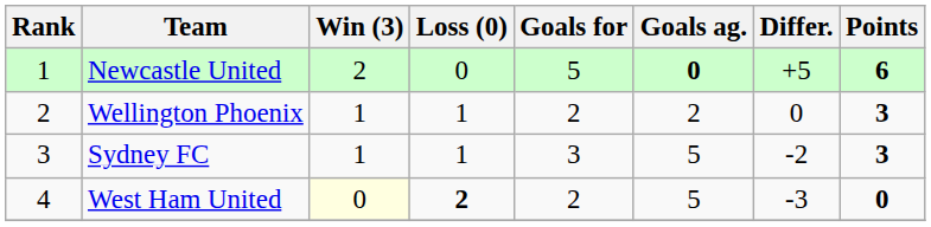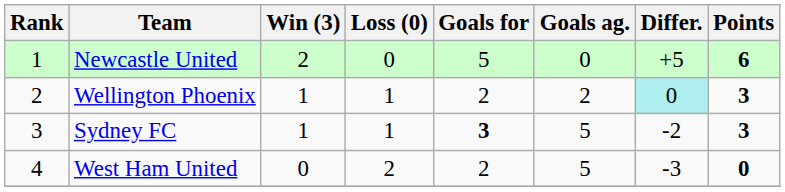 <table class="wikitable" style="text-align: center;">
 <tr>
 <th>Rank</th>
 <th>Team</th>
 <th>Win (3)</th>
 <th>Loss (0)</th>
 <th>Goals for</th>
 <th>Goals ag.</th>
 <th>Differ.</th>
 <th>Points</th>
 </tr>
 <tr bgcolor=#ccffcc>
 <td>1</td>
 <td align="left"> <a href='#'>Newcastle United</a></td>
 <td>2</td>
 <td>0</td>
 <td>5</td>
-<td><strong>0</strong></td>
+<td>0</td>
 <td>+5</td>
 <td><strong>6</strong></td>
 </tr>
 <tr>
 <td>2</td>
 <td align="left"> <a href='#'>Wellington Phoenix</a></td>
 <td>1</td>
 <td>1</td>
 <td>2</td>
 <td>2</td>
-<td>0</td>
+<td style="background: paleturquoise;">0</td>
 <td><strong>3</strong></td>
 </tr>
 <tr>
 <td>3</td>
 <td align="left"> <a href='#'>Sydney FC</a></td>
 <td>1</td>
 <td>1</td>
-<td>3</td>
+<td><strong>3</strong></td>
 <td>5</td>
 <td>-2</td>
 <td><strong>3</strong></td>
 </tr>
 <tr>
 <td>4</td>
 <td align="left"> <a href='#'>West Ham United</a></td>
-<td style="background: lightyellow;">0</td>
-<td><strong>2</strong></td>
+<td>0</td>
+<td>2</td>
 <td>2</td>
 <td>5</td>
 <td>-3</td>
 <td><strong>0</strong></td>
 </tr>
 <tr>
 </tr>
 </table>
